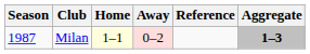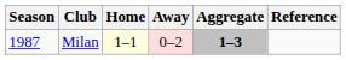 <table class="wikitable">
 <tr>
 <th>Season</th>
 <th>Club</th>
 <th>Home</th>
 <th>Away</th>
+<th>Aggregate</th>
 <th>Reference</th>
-<th>Aggregate</th>
 </tr>
 <tr>
 <td><a href='#'>1987</a></td>
 <td> <a href='#'>Milan</a></td>
 <td style="text-align:center; background:#ffd;">1–1</td>
 <td style="text-align:center; background:#fdd;">0–2</td>
+<td bgcolor=Silver style="text-align:center;"><strong>1–3</strong></td>
 <td style="text-align:center;"></td>
-<td bgcolor=Silver style="text-align:center;"><strong>1–3</strong></td>
 </tr>
 </table>
